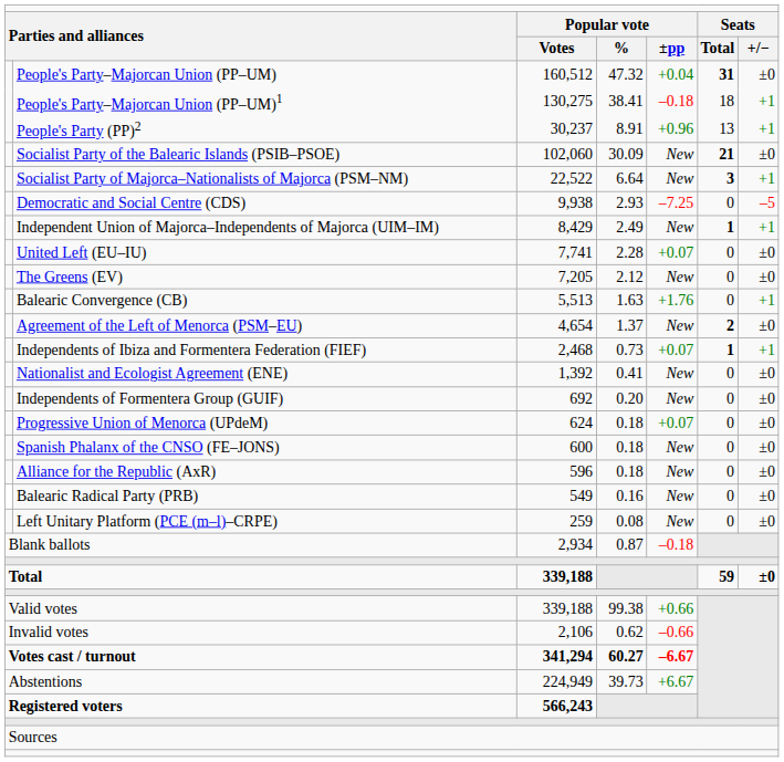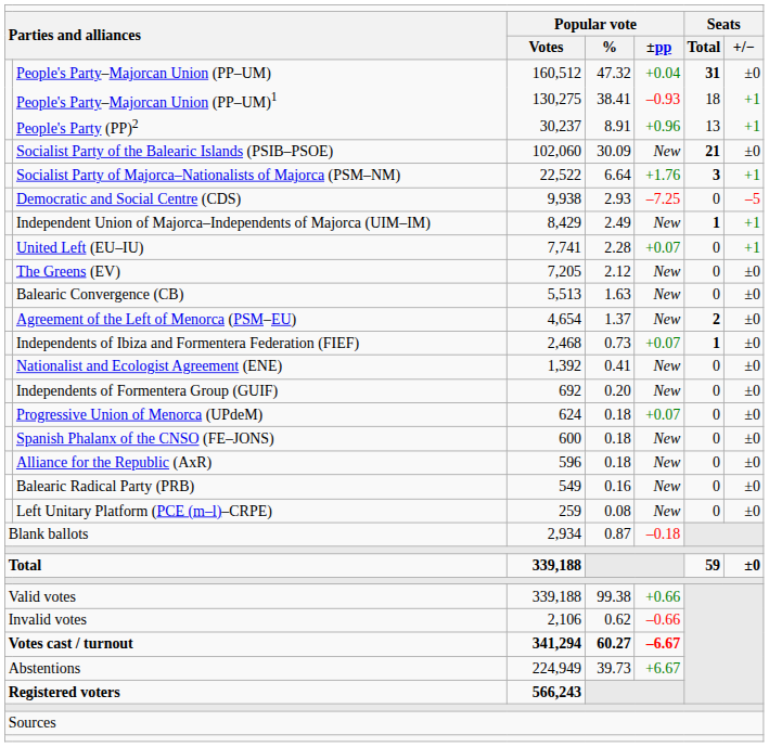 <table class="wikitable" style="text-align:right;">
 <tr>
 <td colspan="7"></td>
 </tr>
 <tr>
 <th style="text-align:left;" rowspan="2" colspan="2" width="525">Parties and alliances</th>
 <th colspan="3">Popular vote</th>
 <th colspan="2">Seats</th>
 </tr>
 <tr>
 <th width="75">Votes</th>
 <th width="45">%</th>
 <th width="45">±<a href='#'>pp</a></th>
 <th width="35">Total</th>
 <th width="35">+/−</th>
 </tr>
 <tr style="line-height:22px;">
 <td width="1" rowspan="3"></td>
 <td align="left"><a href='#'>People's Party</a>–<a href='#'>Majorcan Union</a> (PP–UM)</td>
 <td>160,512</td>
 <td>47.32</td>
 <td style="color:green;">+0.04</td>
 <td><strong>31</strong></td>
 <td>±0</td>
 </tr>
 <tr style="border-bottom-style:hidden; border-top-style:hidden; line-height:16px;">
 <td align="left"><span><a href='#'>People's Party</a>–<a href='#'>Majorcan Union</a> (PP–UM)<sup>1</sup></span></td>
 <td>130,275</td>
 <td>38.41</td>
-<td style="color:red;">–0.18</td>
+<td style="color:red;">–0.93</td>
 <td>18</td>
 <td style="color:green;">+1</td>
 </tr>
 <tr style="line-height:16px;">
 <td align="left"><span><a href='#'>People's Party</a> (PP)<sup>2</sup></span></td>
 <td>30,237</td>
 <td>8.91</td>
 <td style="color:green;">+0.96</td>
 <td>13</td>
 <td style="color:green;">+1</td>
 </tr>
 <tr>
 <td style="color:inherit;background:"></td>
 <td align="left"><a href='#'>Socialist Party of the Balearic Islands</a> (PSIB–PSOE)</td>
 <td>102,060</td>
 <td>30.09</td>
 <td><em>New</em></td>
 <td><strong>21</strong></td>
 <td>±0</td>
 </tr>
 <tr>
 <td style="color:inherit;background:"></td>
 <td align="left"><a href='#'>Socialist Party of Majorca–Nationalists of Majorca</a> (PSM–NM)</td>
 <td>22,522</td>
 <td>6.64</td>
-<td><em>New</em></td>
+<td style="color:green;">+1.76</td>
 <td><strong>3</strong></td>
 <td style="color:green;">+1</td>
 </tr>
 <tr>
 <td style="color:inherit;background:"></td>
 <td align="left"><a href='#'>Democratic and Social Centre</a> (CDS)</td>
 <td>9,938</td>
 <td>2.93</td>
 <td style="color:red;">–7.25</td>
 <td>0</td>
 <td style="color:red;">–5</td>
 </tr>
 <tr>
 <td style="color:inherit;background:"></td>
 <td align="left">Independent Union of Majorca–Independents of Majorca (UIM–IM)</td>
 <td>8,429</td>
 <td>2.49</td>
 <td><em>New</em></td>
 <td><strong>1</strong></td>
 <td style="color:green;">+1</td>
 </tr>
 <tr>
 <td style="color:inherit;background:"></td>
 <td align="left"><a href='#'>United Left</a> (EU–IU)</td>
 <td>7,741</td>
 <td>2.28</td>
 <td style="color:green;">+0.07</td>
 <td>0</td>
-<td>±0</td>
+<td style="color:green;">+1</td>
 </tr>
 <tr>
 <td style="color:inherit;background:"></td>
 <td align="left"><a href='#'>The Greens</a> (EV)</td>
 <td>7,205</td>
 <td>2.12</td>
 <td><em>New</em></td>
 <td>0</td>
 <td>±0</td>
 </tr>
 <tr>
 <td style="color:inherit;background:"></td>
 <td align="left">Balearic Convergence (CB)</td>
 <td>5,513</td>
 <td>1.63</td>
-<td style="color:green;">+1.76</td>
+<td><em>New</em></td>
 <td>0</td>
-<td style="color:green;">+1</td>
+<td>±0</td>
 </tr>
 <tr>
 <td style="color:inherit;background:"></td>
 <td align="left"><a href='#'>Agreement of the Left of Menorca</a> (<a href='#'>PSM</a>–<a href='#'>EU</a>)</td>
 <td>4,654</td>
 <td>1.37</td>
 <td><em>New</em></td>
 <td><strong>2</strong></td>
 <td>±0</td>
 </tr>
 <tr>
 <td style="color:inherit;background:"></td>
 <td align="left">Independents of Ibiza and Formentera Federation (FIEF)</td>
 <td>2,468</td>
 <td>0.73</td>
 <td style="color:green;">+0.07</td>
 <td><strong>1</strong></td>
-<td style="color:green;">+1</td>
+<td>±0</td>
 </tr>
 <tr>
 <td style="color:inherit;background:"></td>
 <td align="left"><a href='#'>Nationalist and Ecologist Agreement</a> (ENE)</td>
 <td>1,392</td>
 <td>0.41</td>
 <td><em>New</em></td>
 <td>0</td>
 <td>±0</td>
 </tr>
 <tr>
 <td style="color:inherit;background:"></td>
 <td align="left">Independents of Formentera Group (GUIF)</td>
 <td>692</td>
 <td>0.20</td>
 <td><em>New</em></td>
 <td>0</td>
 <td>±0</td>
 </tr>
 <tr>
 <td style="color:inherit;background:"></td>
 <td align="left"><a href='#'>Progressive Union of Menorca</a> (UPdeM)</td>
 <td>624</td>
 <td>0.18</td>
 <td style="color:green;">+0.07</td>
 <td>0</td>
 <td>±0</td>
 </tr>
 <tr>
 <td style="color:inherit;background:"></td>
 <td align="left"><a href='#'>Spanish Phalanx of the CNSO</a> (FE–JONS)</td>
 <td>600</td>
 <td>0.18</td>
 <td><em>New</em></td>
 <td>0</td>
 <td>±0</td>
 </tr>
 <tr>
 <td style="color:inherit;background:"></td>
 <td align="left"><a href='#'>Alliance for the Republic</a> (AxR)</td>
 <td>596</td>
 <td>0.18</td>
 <td><em>New</em></td>
 <td>0</td>
 <td>±0</td>
 </tr>
 <tr>
 <td bgcolor="white"></td>
 <td align="left">Balearic Radical Party (PRB)</td>
 <td>549</td>
 <td>0.16</td>
 <td><em>New</em></td>
 <td>0</td>
 <td>±0</td>
 </tr>
 <tr>
 <td bgcolor=></td>
 <td align="left">Left Unitary Platform (<a href='#'>PCE (m–l)</a>–CRPE)</td>
 <td>259</td>
 <td>0.08</td>
 <td><em>New</em></td>
 <td>0</td>
 <td>±0</td>
 </tr>
 <tr>
 <td align="left" colspan="2">Blank ballots</td>
 <td>2,934</td>
 <td>0.87</td>
 <td style="color:red;">–0.18</td>
 <td bgcolor="#E9E9E9" colspan="2"></td>
 </tr>
 <tr>
 <td colspan="7" bgcolor="#E9E9E9"></td>
 </tr>
 <tr style="font-weight:bold;">
 <td align="left" colspan="2">Total</td>
 <td>339,188</td>
 <td bgcolor="#E9E9E9" colspan="2"></td>
 <td>59</td>
 <td>±0</td>
 </tr>
 <tr>
 <td colspan="7" bgcolor="#E9E9E9"></td>
 </tr>
 <tr>
 <td align="left" colspan="2">Valid votes</td>
 <td>339,188</td>
 <td>99.38</td>
 <td style="color:green;">+0.66</td>
 <td bgcolor="#E9E9E9" colspan="2" rowspan="5"></td>
 </tr>
 <tr>
 <td align="left" colspan="2">Invalid votes</td>
 <td>2,106</td>
 <td>0.62</td>
 <td style="color:red;">–0.66</td>
 </tr>
 <tr style="font-weight:bold;">
 <td align="left" colspan="2">Votes cast / turnout</td>
 <td>341,294</td>
 <td>60.27</td>
 <td style="color:red;">–6.67</td>
 </tr>
 <tr>
 <td align="left" colspan="2">Abstentions</td>
 <td>224,949</td>
 <td>39.73</td>
 <td style="color:green;">+6.67</td>
 </tr>
 <tr style="font-weight:bold;">
 <td align="left" colspan="2">Registered voters</td>
 <td>566,243</td>
 <td bgcolor="#E9E9E9" colspan="2"></td>
 </tr>
 <tr>
 <td colspan="7" bgcolor="#E9E9E9"></td>
 </tr>
 <tr>
 <td align="left" colspan="7">Sources</td>
 </tr>
 <tr>
 <td colspan="7" style="text-align:left; max-width:790px;"></td>
 </tr>
 </table>
